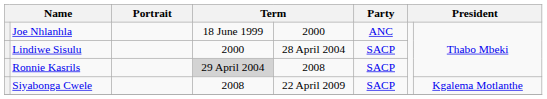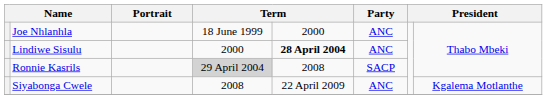 <table class="wikitable" width=60%>
 <tr>
 <th colspan=2 width=20%>Name</th>
 <th width=75>Portrait</th>
 <th colspan=2 width=30%>Term</th>
 <th width=10%>Party</th>
 <th colspan=2 width=25%>President</th>
 </tr>
 <tr style="text-align:center">
 <th style="width:1%;background-color: "></th>
 <td align=left><a href='#'>Joe Nhlanhla</a></td>
 <td></td>
 <td>18 June 1999</td>
 <td>2000</td>
 <td><a href='#'>ANC</a></td>
 <td rowspan="4" style="width:1%;background-color: "></td>
 <td rowspan="3"><a href='#'>Thabo Mbeki</a><br> </td>
 </tr>
 <tr style="text-align:center">
 <th style="width:1%;background-color: "></th>
 <td align=left><a href='#'>Lindiwe Sisulu</a></td>
 <td></td>
 <td>2000</td>
-<td>28 April 2004</td>
-<td><a href='#'>SACP</a></td>
+<td><strong>28 April 2004</strong></td>
+<td><a href='#'>ANC</a></td>
 </tr>
 <tr style="text-align:center">
 <th style="width:1%;background-color: "></th>
 <td align=left><a href='#'>Ronnie Kasrils</a></td>
 <td></td>
 <td style="background: lightgrey;">29 April 2004</td>
 <td>2008</td>
 <td><a href='#'>SACP</a></td>
 </tr>
 <tr style="text-align:center">
 <th style="width:1%;background-color: "></th>
 <td align="left"><a href='#'>Siyabonga Cwele</a></td>
 <td></td>
 <td>2008</td>
 <td>22 April 2009</td>
-<td><a href='#'>SACP</a></td>
+<td><a href='#'>ANC</a></td>
 <td><a href='#'>Kgalema Motlanthe</a><br> </td>
 </tr>
 <tr>
 </tr>
 </table>
